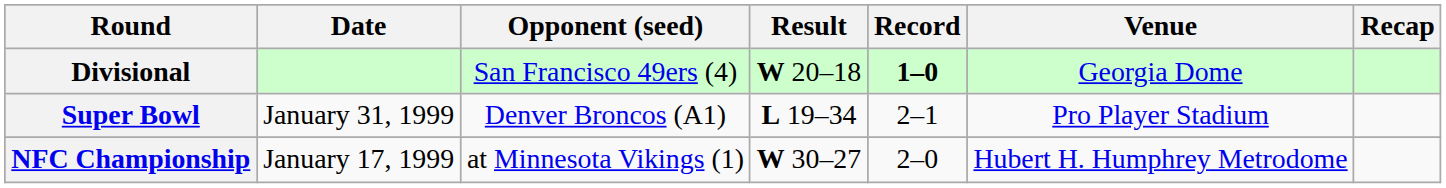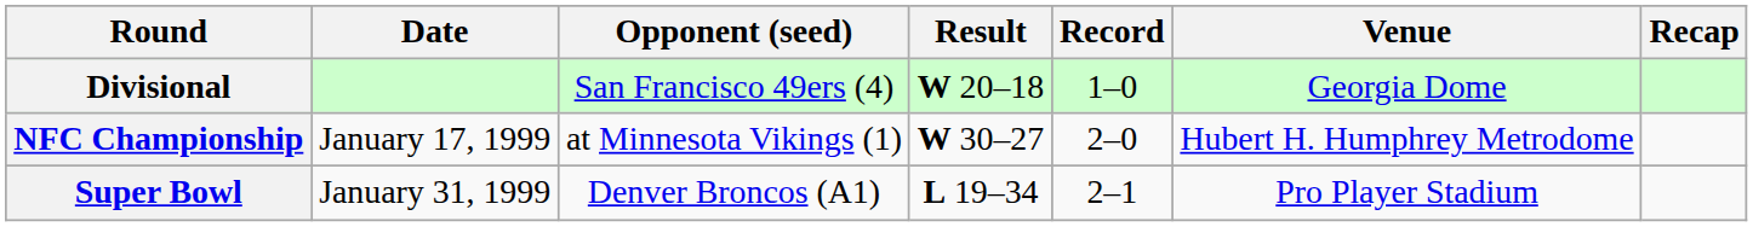 <table class="wikitable" style="text-align:center">
 <tr>
 <th>Round</th>
 <th>Date</th>
 <th>Opponent (seed)</th>
 <th>Result</th>
 <th>Record</th>
 <th>Venue</th>
 <th>Recap</th>
 </tr>
 <tr style="background: #cfc;">
 <th>Divisional</th>
 <td></td>
 <td><a href='#'>San Francisco 49ers</a> (4)</td>
 <td><strong>W</strong> 20–18</td>
-<td><strong>1–0</strong></td>
+<td>1–0</td>
 <td><a href='#'>Georgia Dome</a></td>
+<td></td>
+</tr>
+<tr -style="background: #cfc;">
+<th><a href='#'>NFC Championship</a></th>
+<td>January 17, 1999</td>
+<td>at <a href='#'>Minnesota Vikings</a> (1)</td>
+<td><strong>W</strong> 30–27 </td>
+<td>2–0</td>
+<td><a href='#'>Hubert H. Humphrey Metrodome</a></td>
 <td></td>
 </tr>
 <tr -style="background: #fcc;">
 <th><a href='#'>Super Bowl</a></th>
 <td>January 31, 1999</td>
 <td><a href='#'>Denver Broncos</a> (A1)</td>
 <td><strong>L</strong> 19–34</td>
 <td>2–1</td>
 <td><a href='#'>Pro Player Stadium</a></td>
 <td></td>
 </tr>
-<tr -style="background: #cfc;">
-<th><a href='#'>NFC Championship</a></th>
-<td>January 17, 1999</td>
-<td>at <a href='#'>Minnesota Vikings</a> (1)</td>
-<td><strong>W</strong> 30–27 </td>
-<td>2–0</td>
-<td><a href='#'>Hubert H. Humphrey Metrodome</a></td>
-<td></td>
-</tr>
 </table>
